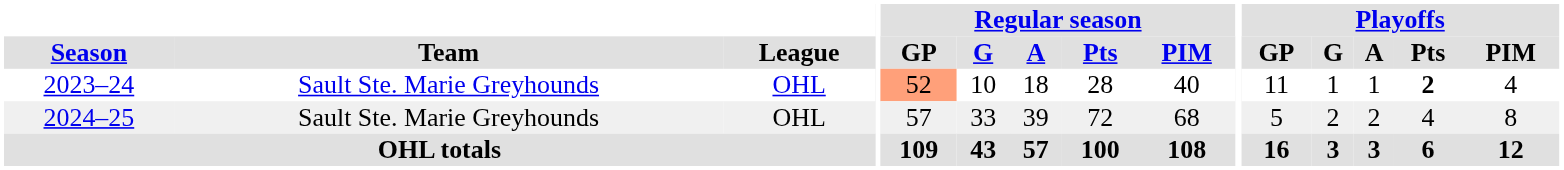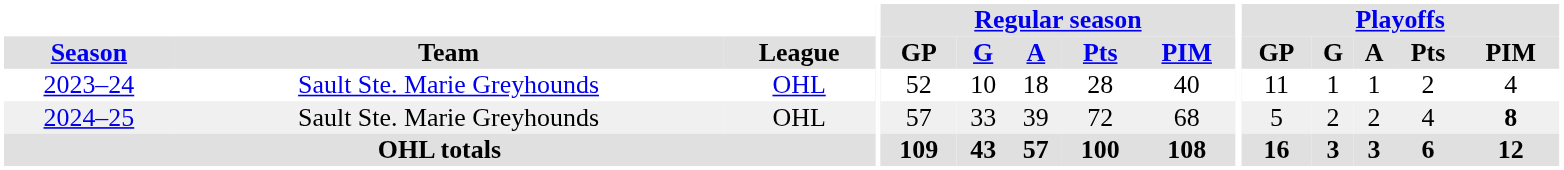 <table border="0" cellpadding="1" cellspacing="0" style="text-align:center; width:60em;">
 <tr bgcolor="#e0e0e0">
 <th colspan="3" bgcolor="#ffffff"></th>
 <th rowspan="99" bgcolor="#ffffff"></th>
 <th colspan="5"><a href='#'>Regular season</a></th>
 <th rowspan="99" bgcolor="#ffffff"></th>
 <th colspan="5"><a href='#'>Playoffs</a></th>
 </tr>
 <tr bgcolor="#e0e0e0">
 <th><a href='#'>Season</a></th>
 <th>Team</th>
 <th>League</th>
 <th>GP</th>
 <th><a href='#'>G</a></th>
 <th><a href='#'>A</a></th>
 <th><a href='#'>Pts</a></th>
 <th><a href='#'>PIM</a></th>
 <th>GP</th>
 <th>G</th>
 <th>A</th>
 <th>Pts</th>
 <th>PIM</th>
 </tr>
 <tr>
 <td><a href='#'>2023–24</a></td>
 <td><a href='#'>Sault Ste. Marie Greyhounds</a></td>
 <td><a href='#'>OHL</a></td>
-<td style="background: lightsalmon;">52</td>
+<td>52</td>
 <td>10</td>
 <td>18</td>
 <td>28</td>
 <td>40</td>
 <td>11</td>
 <td>1</td>
 <td>1</td>
-<td><strong>2</strong></td>
+<td>2</td>
 <td>4</td>
 </tr>
 <tr bgcolor="#f0f0f0">
 <td><a href='#'>2024–25</a></td>
 <td>Sault Ste. Marie Greyhounds</td>
 <td>OHL</td>
 <td>57</td>
 <td>33</td>
 <td>39</td>
 <td>72</td>
 <td>68</td>
 <td>5</td>
 <td>2</td>
 <td>2</td>
 <td>4</td>
-<td>8</td>
+<td><strong>8</strong></td>
 </tr>
 <tr bgcolor="#e0e0e0">
 <th colspan="3">OHL totals</th>
 <th>109</th>
 <th>43</th>
 <th>57</th>
 <th>100</th>
 <th>108</th>
 <th>16</th>
 <th>3</th>
 <th>3</th>
 <th>6</th>
 <th>12</th>
 </tr>
 </table>
